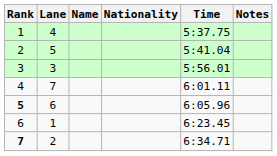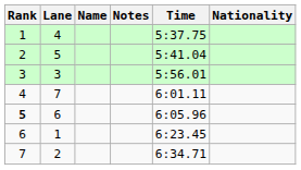 <table class="wikitable sortable" style="text-align:center">
 <tr>
 <th>Rank</th>
 <th>Lane</th>
 <th>Name</th>
+<th>Notes</th>
+<th>Time</th>
 <th>Nationality</th>
-<th>Time</th>
-<th>Notes</th>
 </tr>
 <tr bgcolor=ccffcc>
 <td>1</td>
 <td>4</td>
 <td align=left></td>
+<td><strong></strong></td>
+<td>5:37.75</td>
 <td align=left></td>
-<td>5:37.75</td>
-<td><strong></strong></td>
 </tr>
 <tr bgcolor=ccffcc>
 <td>2</td>
 <td>5</td>
 <td align=left></td>
+<td><strong></strong></td>
+<td>5:41.04</td>
 <td align=left></td>
-<td>5:41.04</td>
-<td><strong></strong></td>
 </tr>
 <tr bgcolor=ccffcc>
 <td>3</td>
 <td>3</td>
 <td align=left></td>
+<td><strong></strong></td>
+<td>5:56.01</td>
 <td align=left></td>
-<td>5:56.01</td>
-<td><strong></strong></td>
 </tr>
 <tr>
 <td>4</td>
 <td>7</td>
 <td align=left></td>
+<td></td>
+<td>6:01.11</td>
 <td align=left></td>
-<td>6:01.11</td>
-<td></td>
 </tr>
 <tr>
 <td><strong>5</strong></td>
 <td>6</td>
 <td align=left></td>
+<td></td>
+<td>6:05.96</td>
 <td align=left></td>
-<td>6:05.96</td>
-<td></td>
 </tr>
 <tr>
 <td>6</td>
 <td>1</td>
 <td align=left></td>
+<td></td>
+<td>6:23.45</td>
 <td align=left></td>
-<td>6:23.45</td>
-<td></td>
 </tr>
 <tr>
-<td><strong>7</strong></td>
+<td>7</td>
 <td>2</td>
 <td align=left></td>
+<td></td>
+<td>6:34.71</td>
 <td align=left></td>
-<td>6:34.71</td>
-<td></td>
 </tr>
 </table>
